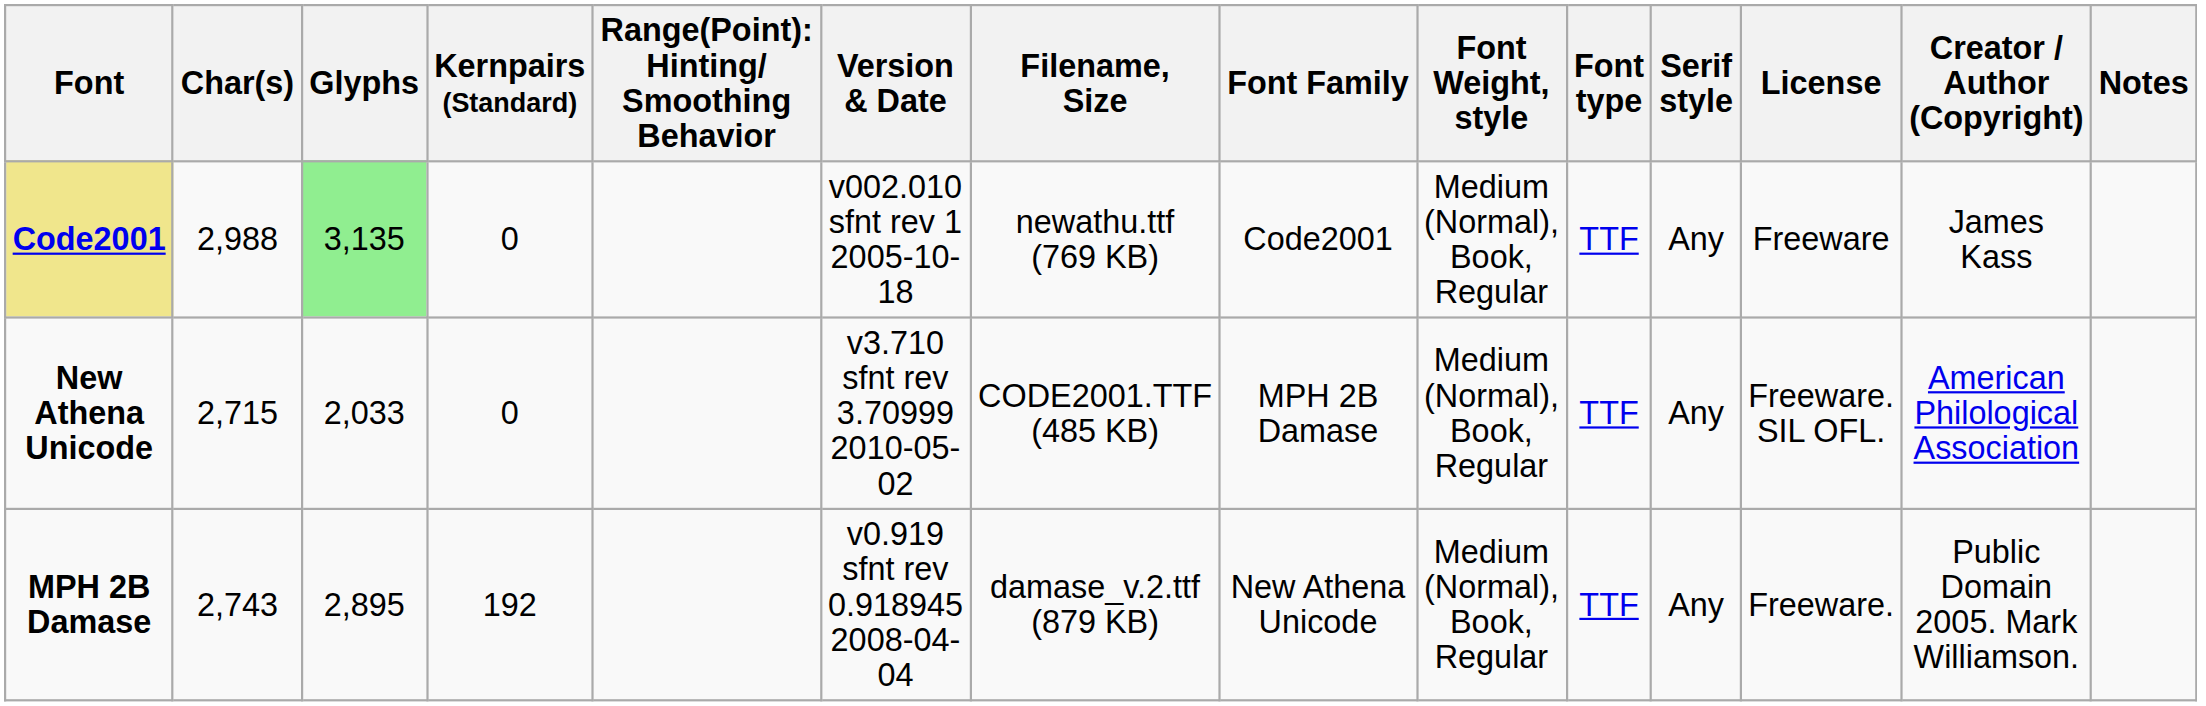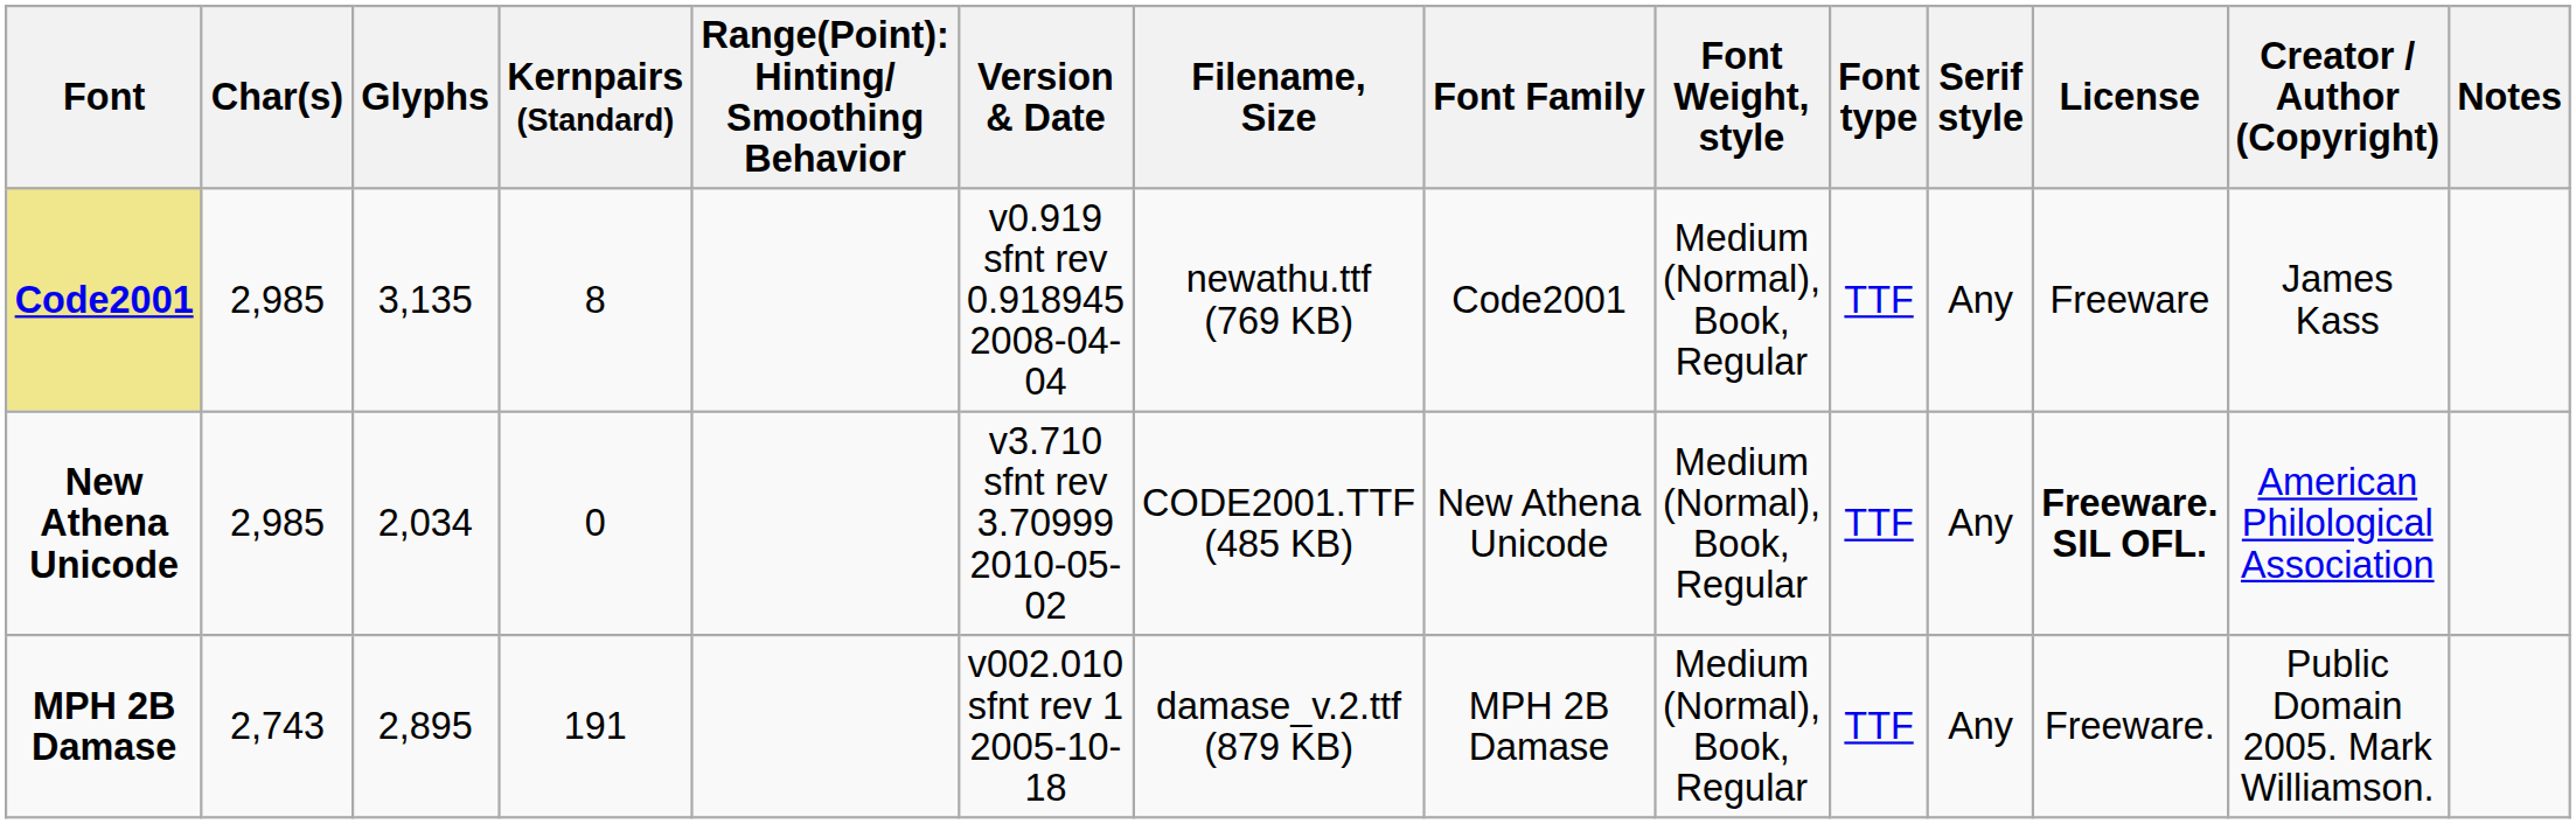 <table class="sortable wikitable" style="text-align:center;vertical-align:middle;font-size:92%;">
 <tr>
 <th>Font</th>
 <th>Char(s)</th>
 <th>Glyphs</th>
 <th>Kernpairs<br><small>(Standard)</small></th>
 <th>Range(Point): Hinting/<br>Smoothing Behavior</th>
 <th>Version & Date</th>
 <th>Filename,<br>Size</th>
 <th>Font Family</th>
 <th>Font Weight,<br>style</th>
 <th>Font<br>type</th>
 <th>Serif<br>style</th>
 <th>License</th>
 <th>Creator / Author (Copyright)</th>
 <th>Notes</th>
 </tr>
 <tr>
 <td style="background: khaki;"><strong><a href='#'>Code2001</a></strong></td>
-<td>2,988</td>
-<td style="background: lightgreen;">3,135</td>
-<td>0</td>
+<td>2,985</td>
+<td>3,135</td>
+<td>8</td>
 <td></td>
-<td>v002.010 sfnt rev 1<br>2005-10-18</td>
+<td>v0.919 sfnt rev 0.918945<br>2008-04-04</td>
 <td>newathu.ttf<br>(769 KB)</td>
 <td>Code2001</td>
 <td>Medium (Normal), Book, Regular</td>
 <td><a href='#'>TTF</a></td>
 <td>Any</td>
 <td>Freeware</td>
 <td>James Kass</td>
 <td></td>
 </tr>
 <tr>
 <td><strong>New Athena Unicode</strong></td>
-<td>2,715</td>
-<td>2,033</td>
+<td>2,985</td>
+<td>2,034</td>
 <td>0</td>
 <td></td>
 <td>v3.710 sfnt rev 3.70999<br>2010-05-02</td>
 <td>CODE2001.TTF<br>(485 KB)</td>
-<td>MPH 2B Damase</td>
+<td>New Athena Unicode</td>
 <td>Medium (Normal), Book, Regular</td>
 <td><a href='#'>TTF</a></td>
 <td>Any</td>
-<td>Freeware. SIL OFL.</td>
+<td><strong>Freeware. SIL OFL.</strong></td>
 <td><a href='#'>American Philological Association</a></td>
 <td></td>
 </tr>
 <tr>
 <td><strong>MPH 2B Damase</strong></td>
 <td>2,743</td>
 <td>2,895</td>
-<td>192</td>
+<td>191</td>
 <td></td>
-<td>v0.919 sfnt rev 0.918945<br>2008-04-04</td>
+<td>v002.010 sfnt rev 1<br>2005-10-18</td>
 <td>damase_v.2.ttf<br>(879 KB)</td>
-<td>New Athena Unicode</td>
+<td>MPH 2B Damase</td>
 <td>Medium (Normal), Book, Regular</td>
 <td><a href='#'>TTF</a></td>
 <td>Any</td>
 <td>Freeware.</td>
 <td>Public Domain 2005. Mark Williamson.</td>
 <td></td>
 </tr>
 </table>
